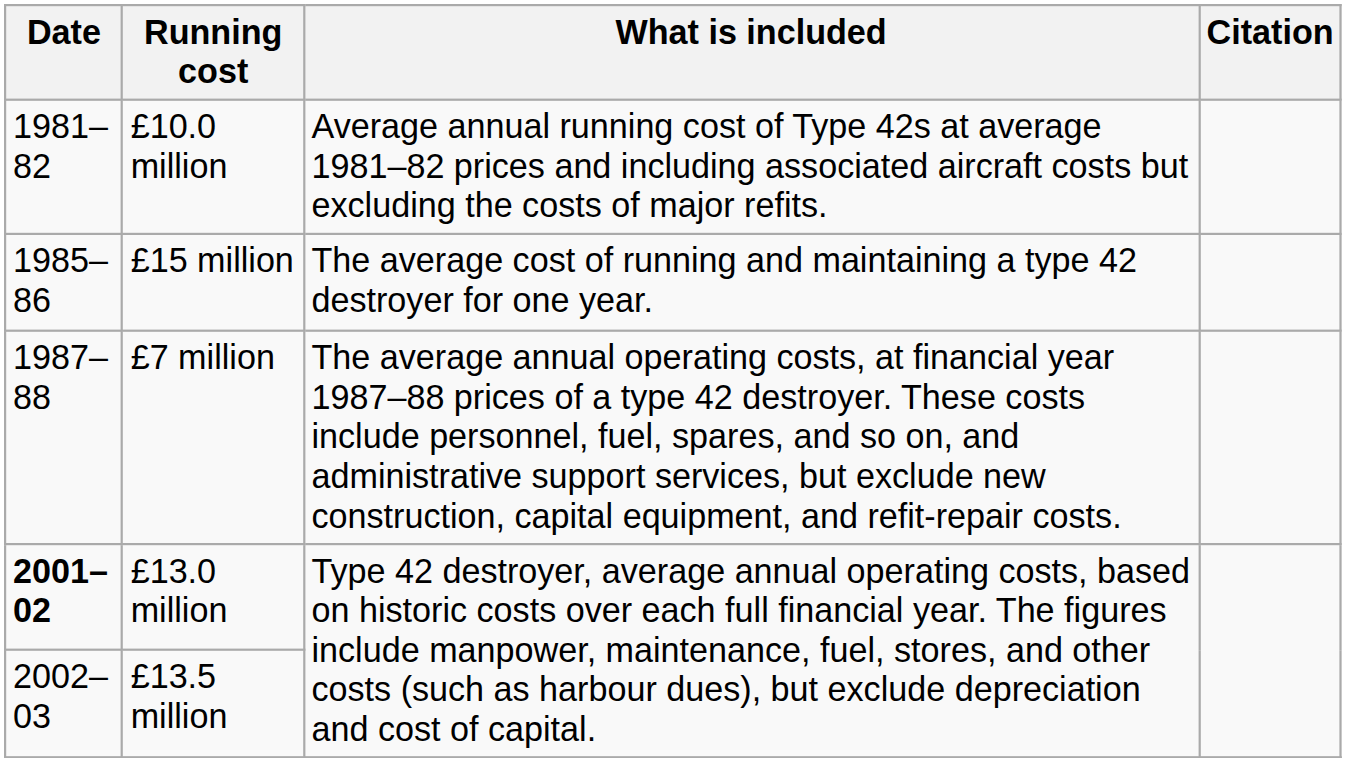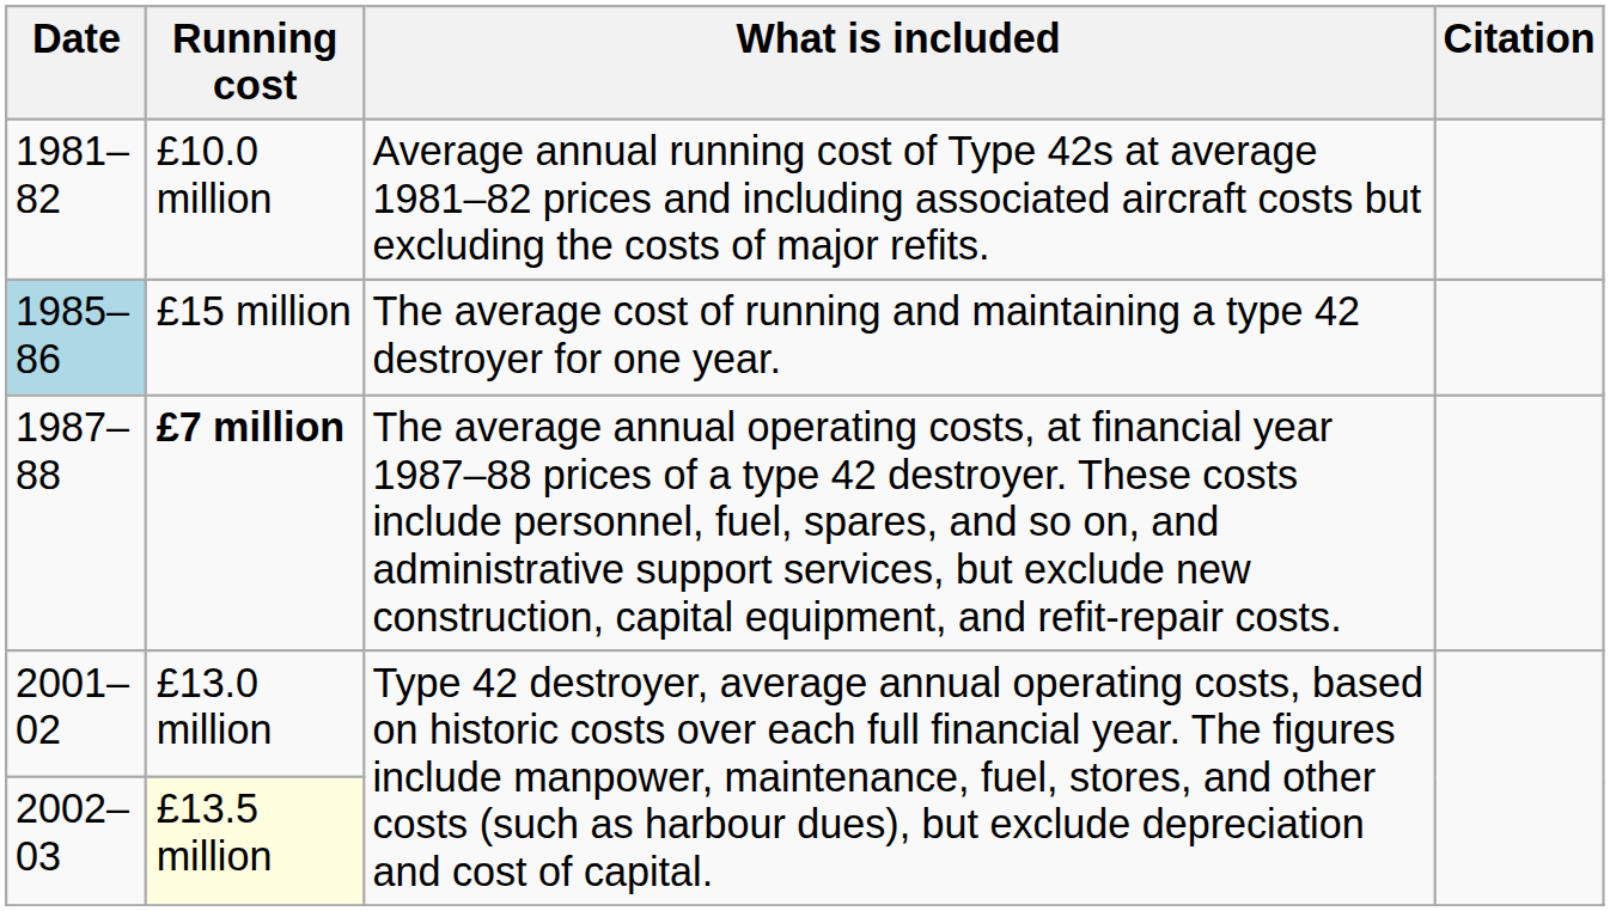 <table class="wikitable" style="font-size:97%;">
 <tr valign=top>
 <th>Date</th>
 <th width=75>Running cost</th>
 <th>What is included</th>
 <th>Citation</th>
 </tr>
 <tr valign=top>
 <td>1981–82</td>
 <td>£10.0 million</td>
 <td>Average annual running cost of Type 42s at average 1981–82 prices and including associated aircraft costs but excluding the costs of major refits.</td>
 <td align=center></td>
 </tr>
 <tr valign=top>
-<td>1985–86</td>
+<td style="background: lightblue;">1985–86</td>
 <td>£15 million</td>
 <td>The average cost of running and maintaining a type 42 destroyer for one year.</td>
 <td align=center></td>
 </tr>
 <tr valign=top>
 <td>1987–88</td>
-<td>£7 million</td>
+<td><strong>£7 million</strong></td>
 <td>The average annual operating costs, at financial year 1987–88 prices of a type 42 destroyer. These costs include personnel, fuel, spares, and so on, and administrative support services, but exclude new construction, capital equipment, and refit-repair costs.</td>
 <td align=center></td>
 </tr>
 <tr valign=top>
-<td><strong>2001–02</strong></td>
+<td>2001–02</td>
 <td>£13.0 million</td>
 <td rowspan=2>Type 42 destroyer, average annual operating costs, based on historic costs over each full financial year. The figures include manpower, maintenance, fuel, stores, and other costs (such as harbour dues), but exclude depreciation and cost of capital.</td>
 <td align=center rowspan=2></td>
 </tr>
 <tr valign=top>
 <td>2002–03</td>
-<td>£13.5 million</td>
+<td style="background: lightyellow;">£13.5 million</td>
 </tr>
 <tr>
 </tr>
 </table>
